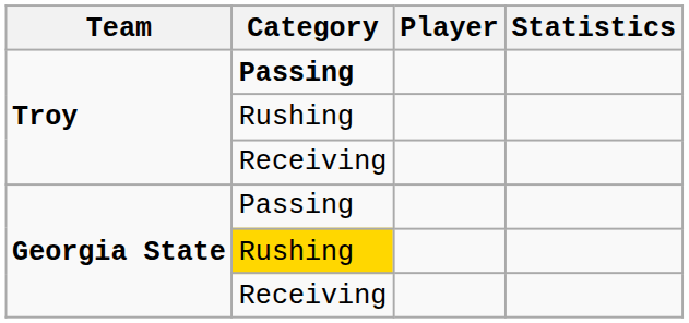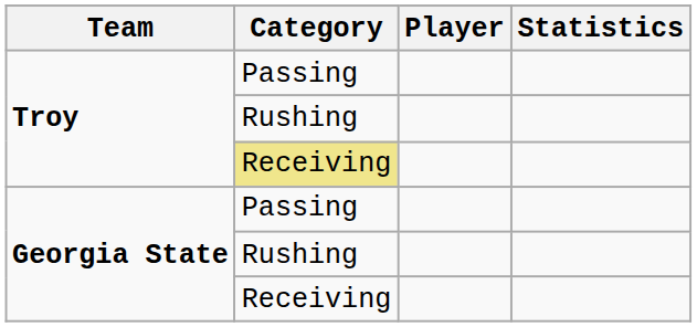 <table class="wikitable" style="float: right;">
 <tr>
 <th>Team</th>
 <th>Category</th>
 <th>Player</th>
 <th>Statistics</th>
 </tr>
 <tr>
 <td rowspan=3><strong>Troy</strong></td>
-<td><strong>Passing</strong></td>
+<td>Passing</td>
+<td></td>
+<td></td>
+</tr>
+<tr>
+<td>Rushing</td>
+<td></td>
+<td></td>
+</tr>
+<tr>
+<td style="background: khaki;">Receiving</td>
+<td></td>
+<td></td>
+</tr>
+<tr>
+<td rowspan=3><strong>Georgia State</strong></td>
+<td>Passing</td>
 <td></td>
 <td></td>
 </tr>
 <tr>
 <td>Rushing</td>
 <td></td>
 <td></td>
 </tr>
 <tr>
 <td>Receiving</td>
 <td></td>
 <td></td>
 </tr>
-<tr>
-<td rowspan=3><strong>Georgia State</strong></td>
-<td>Passing</td>
-<td></td>
-<td></td>
-</tr>
-<tr>
-<td style="background: gold;">Rushing</td>
-<td></td>
-<td></td>
-</tr>
-<tr>
-<td>Receiving</td>
-<td></td>
-<td></td>
-</tr>
 </table>
